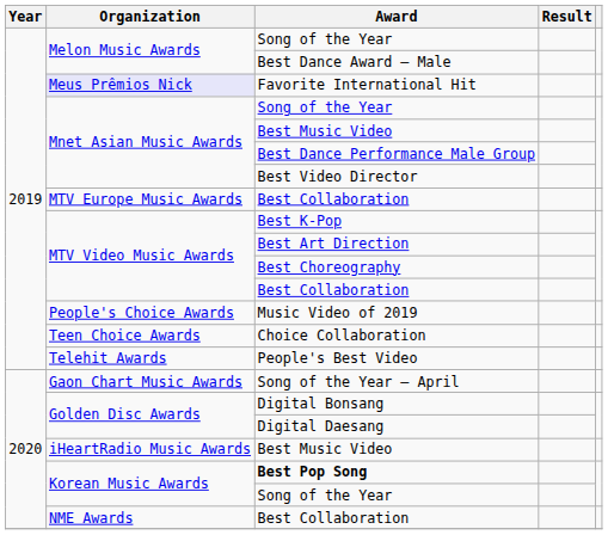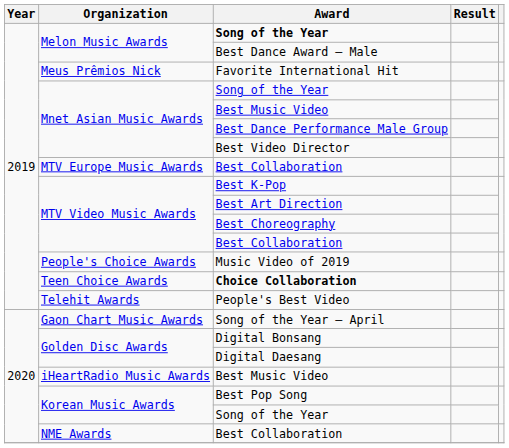 <table class="wikitable sortable plainrowheaders">
 <tr>
 <th scope="col">Year</th>
 <th scope="col">Organization</th>
 <th scope="col">Award</th>
 <th scope="col">Result</th>
 <th class="unsortable"></th>
 </tr>
 <tr>
 <td rowspan="15">2019</td>
 <td rowspan="2"><a href='#'>Melon Music Awards</a></td>
-<td>Song of the Year</td>
+<td><strong>Song of the Year</strong></td>
 <td></td>
 <td rowspan="2" style="text-align:center;"></td>
 </tr>
 <tr>
 <td>Best Dance Award – Male</td>
 <td></td>
 </tr>
 <tr>
-<td style="background: lavender;"><a href='#'>Meus Prêmios Nick</a></td>
+<td><a href='#'>Meus Prêmios Nick</a></td>
 <td>Favorite International Hit</td>
 <td></td>
 <td style="text-align:center; "></td>
 </tr>
 <tr>
 <td rowspan="4"><a href='#'>Mnet Asian Music Awards</a></td>
 <td><a href='#'>Song of the Year</a></td>
 <td></td>
 <td rowspan="4" style="text-align:center;"></td>
 </tr>
 <tr>
 <td><a href='#'>Best Music Video</a></td>
 <td></td>
 </tr>
 <tr>
 <td><a href='#'>Best Dance Performance Male Group</a></td>
 <td></td>
 </tr>
 <tr>
 <td>Best Video Director</td>
 <td></td>
 </tr>
 <tr>
 <td><a href='#'>MTV Europe Music Awards</a></td>
 <td><a href='#'>Best Collaboration</a></td>
 <td></td>
 <td style="text-align:center; "></td>
 </tr>
 <tr>
 <td rowspan="4"><a href='#'>MTV Video Music Awards</a></td>
 <td><a href='#'>Best K-Pop</a></td>
 <td></td>
 <td rowspan="4" style="text-align:center;"></td>
 </tr>
 <tr>
 <td><a href='#'>Best Art Direction</a></td>
 <td></td>
 </tr>
 <tr>
 <td><a href='#'>Best Choreography</a></td>
 <td></td>
 </tr>
 <tr>
 <td><a href='#'>Best Collaboration</a></td>
 <td></td>
 </tr>
 <tr>
 <td><a href='#'>People's Choice Awards</a></td>
 <td>Music Video of 2019</td>
 <td></td>
 <td style="text-align:center; "></td>
 </tr>
 <tr>
 <td><a href='#'>Teen Choice Awards</a></td>
-<td>Choice Collaboration</td>
+<td><strong>Choice Collaboration</strong></td>
 <td></td>
 <td style="text-align:center; "></td>
 </tr>
 <tr>
 <td><a href='#'>Telehit Awards</a></td>
 <td>People's Best Video</td>
 <td></td>
 <td style="text-align:center;"></td>
 </tr>
 <tr>
 <td rowspan="7">2020</td>
 <td><a href='#'>Gaon Chart Music Awards</a></td>
 <td>Song of the Year – April</td>
 <td></td>
 <td style="text-align:center; "></td>
 </tr>
 <tr>
 <td rowspan="2"><a href='#'>Golden Disc Awards</a></td>
 <td>Digital Bonsang</td>
 <td></td>
 <td rowspan="2" style="text-align:center;"></td>
 </tr>
 <tr>
 <td>Digital Daesang</td>
 <td></td>
 </tr>
 <tr>
 <td><a href='#'>iHeartRadio Music Awards</a></td>
 <td>Best Music Video</td>
 <td></td>
 <td style="text-align:center; "></td>
 </tr>
 <tr>
 <td rowspan="2"><a href='#'>Korean Music Awards</a></td>
-<td><strong>Best Pop Song</strong></td>
+<td>Best Pop Song</td>
 <td></td>
 <td rowspan="2" style="text-align:center;"></td>
 </tr>
 <tr>
 <td>Song of the Year</td>
 <td></td>
 </tr>
 <tr>
 <td><a href='#'>NME Awards</a></td>
 <td>Best Collaboration</td>
 <td></td>
 <td style="text-align:center; "></td>
 </tr>
 <tr>
 </tr>
 </table>
